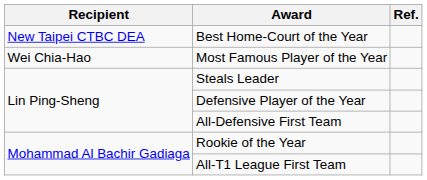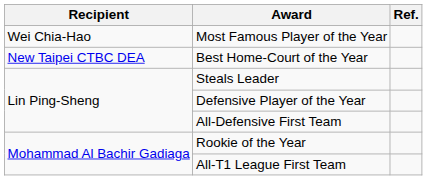 <table class="wikitable">
 <tr>
 <th>Recipient</th>
 <th>Award</th>
 <th>Ref.</th>
 </tr>
 <tr>
-<td><a href='#'>New Taipei CTBC DEA</a></td>
-<td>Best Home-Court of the Year</td>
+<td>Wei Chia-Hao</td>
+<td>Most Famous Player of the Year</td>
 <td></td>
 </tr>
 <tr>
-<td>Wei Chia-Hao</td>
-<td>Most Famous Player of the Year</td>
+<td><a href='#'>New Taipei CTBC DEA</a></td>
+<td>Best Home-Court of the Year</td>
 <td></td>
 </tr>
 <tr>
 <td rowspan=3>Lin Ping-Sheng</td>
 <td>Steals Leader</td>
 <td></td>
 </tr>
 <tr>
 <td>Defensive Player of the Year</td>
 <td></td>
 </tr>
 <tr>
 <td>All-Defensive First Team</td>
 <td></td>
 </tr>
 <tr>
 <td rowspan=2><a href='#'>Mohammad Al Bachir Gadiaga</a></td>
 <td>Rookie of the Year</td>
 <td></td>
 </tr>
 <tr>
 <td>All-T1 League First Team</td>
 <td></td>
 </tr>
 </table>
